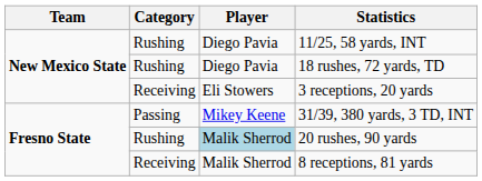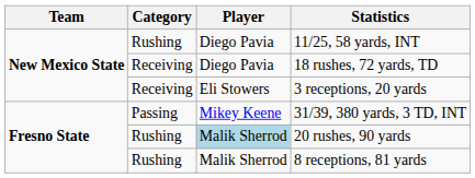 <table class="wikitable" style="float: right;">
 <tr>
 <th>Team</th>
 <th>Category</th>
 <th>Player</th>
 <th>Statistics</th>
 </tr>
 <tr>
 <td rowspan=3><strong>New Mexico State</strong></td>
 <td>Rushing</td>
 <td>Diego Pavia</td>
 <td>11/25, 58 yards, INT</td>
 </tr>
 <tr>
-<td>Rushing</td>
+<td>Receiving</td>
 <td>Diego Pavia</td>
 <td>18 rushes, 72 yards, TD</td>
 </tr>
 <tr>
 <td>Receiving</td>
 <td>Eli Stowers</td>
 <td>3 receptions, 20 yards</td>
 </tr>
 <tr>
 <td rowspan=3><strong>Fresno State</strong></td>
 <td>Passing</td>
 <td><a href='#'>Mikey Keene</a></td>
 <td>31/39, 380 yards, 3 TD, INT</td>
 </tr>
 <tr>
 <td>Rushing</td>
 <td style="background: lightblue;">Malik Sherrod</td>
 <td>20 rushes, 90 yards</td>
 </tr>
 <tr>
-<td>Receiving</td>
+<td>Rushing</td>
 <td>Malik Sherrod</td>
 <td>8 receptions, 81 yards</td>
 </tr>
 </table>
